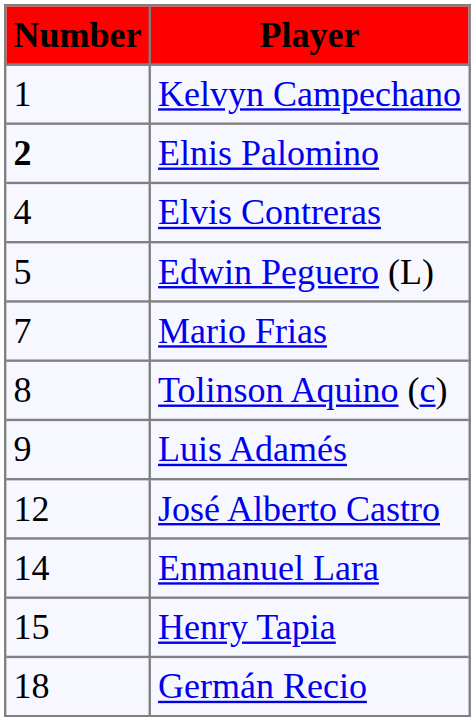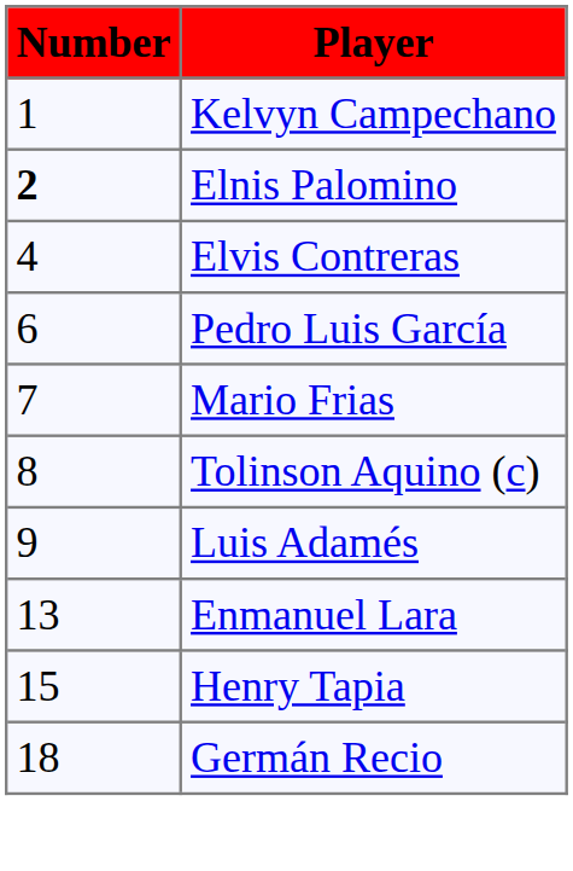 <table bgcolor="#f7f8ff" cellpadding="3" cellspacing="0" border="1" style="font-size: 95%; border: gray solid 1px; border-collapse: collapse;">
 <tr bgcolor="#ff0000">
 <td align=center><strong>Number</strong></td>
 <td align=center><strong>Player</strong></td>
 </tr>
 <tr align="left">
 <td>1</td>
 <td> <a href='#'>Kelvyn Campechano</a></td>
 </tr>
 <tr align=left>
 <td><strong>2</strong></td>
 <td> <a href='#'>Elnis Palomino</a></td>
 </tr>
 <tr align="left">
 <td>4</td>
 <td> <a href='#'>Elvis Contreras</a></td>
 </tr>
 <tr align="left">
-<td>5</td>
-<td> <a href='#'>Edwin Peguero</a> (L)</td>
+<td>6</td>
+<td> <a href='#'>Pedro Luis García</a></td>
 </tr>
 <tr align="left">
 <td>7</td>
 <td> <a href='#'>Mario Frias</a></td>
 </tr>
 <tr align="left">
 <td>8</td>
 <td> <a href='#'>Tolinson Aquino</a> (<a href='#'>c</a>)</td>
 </tr>
 <tr align="left">
 <td>9</td>
 <td> <a href='#'>Luis Adamés</a></td>
 </tr>
 <tr align="left">
-<td>12</td>
-<td> <a href='#'>José Alberto Castro</a></td>
-</tr>
-<tr align="left">
-<td>14</td>
+<td>13</td>
 <td> <a href='#'>Enmanuel Lara</a></td>
 </tr>
 <tr align="left">
 <td>15</td>
 <td> <a href='#'>Henry Tapia</a></td>
 </tr>
 <tr align="left">
 <td>18</td>
 <td> <a href='#'>Germán Recio</a></td>
 </tr>
 </table>
